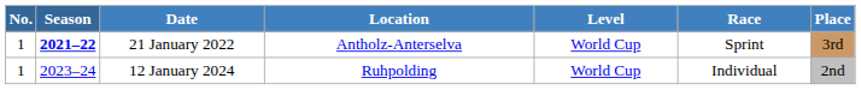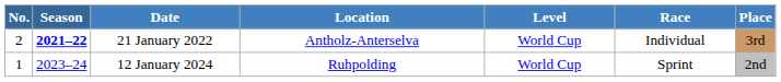 <table class="wikitable sortable" style="font-size:95%; text-align:center; border:grey solid 1px; border-collapse:collapse; background:#ffffff;">
 <tr style="background:#efefef;">
 <th style="background-color:#369; color:white;">No.</th>
 <th style="background-color:#369; color:white;">Season</th>
 <th style="background-color:#4180be; color:white; width:150px;">Date</th>
 <th style="background-color:#4180be; color:white; width:250px;">Location</th>
 <th style="background-color:#4180be; color:white; width:130px;">Level</th>
 <th style="background-color:#4180be; color:white; width:120px;">Race</th>
 <th style="background-color:#4180be; color:white;">Place</th>
 </tr>
 <tr>
-<td align=center>1</td>
+<td align=center>2</td>
 <td rowspan="1" align="center"><strong><a href='#'>2021–22</a></strong></td>
 <td>21 January 2022</td>
 <td> <a href='#'>Antholz-Anterselva</a></td>
 <td><a href='#'>World Cup</a></td>
-<td>Sprint</td>
+<td>Individual</td>
 <td align=center bgcolor="cc9966">3rd</td>
 </tr>
 <tr>
 <td align=center>1</td>
 <td rowspan="1" align="center"><a href='#'>2023–24</a></td>
 <td>12 January 2024</td>
 <td> <a href='#'>Ruhpolding</a></td>
 <td><a href='#'>World Cup</a></td>
-<td>Individual</td>
+<td>Sprint</td>
 <td align=center bgcolor="silver">2nd</td>
 </tr>
 </table>
